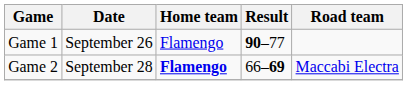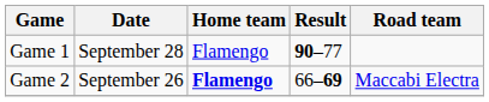 <table class="wikitable">
 <tr>
 <th>Game</th>
 <th>Date</th>
 <th>Home team</th>
 <th>Result</th>
 <th>Road team</th>
 </tr>
 <tr>
 <td>Game 1</td>
-<td>September 26</td>
+<td>September 28</td>
 <td><a href='#'>Flamengo</a></td>
 <td><strong>90</strong>–77</td>
 <td></td>
 </tr>
 <tr>
 <td>Game 2</td>
-<td>September 28</td>
+<td>September 26</td>
 <td><strong><a href='#'>Flamengo</a></strong></td>
 <td>66–<strong>69</strong></td>
 <td><a href='#'>Maccabi Electra</a></td>
 </tr>
 <tr>
 </tr>
 </table>
